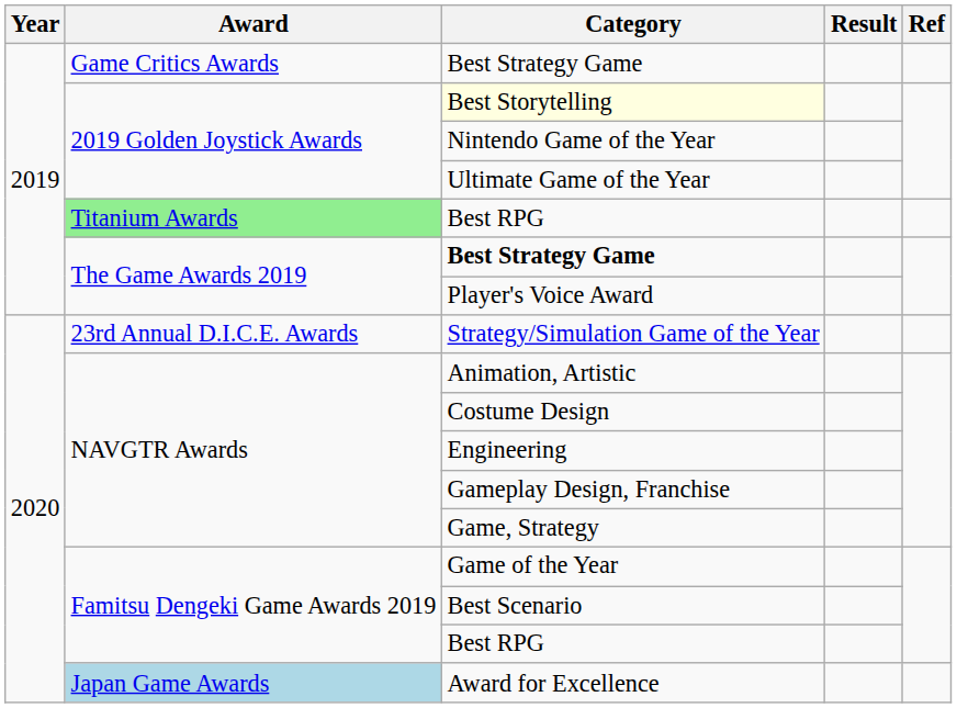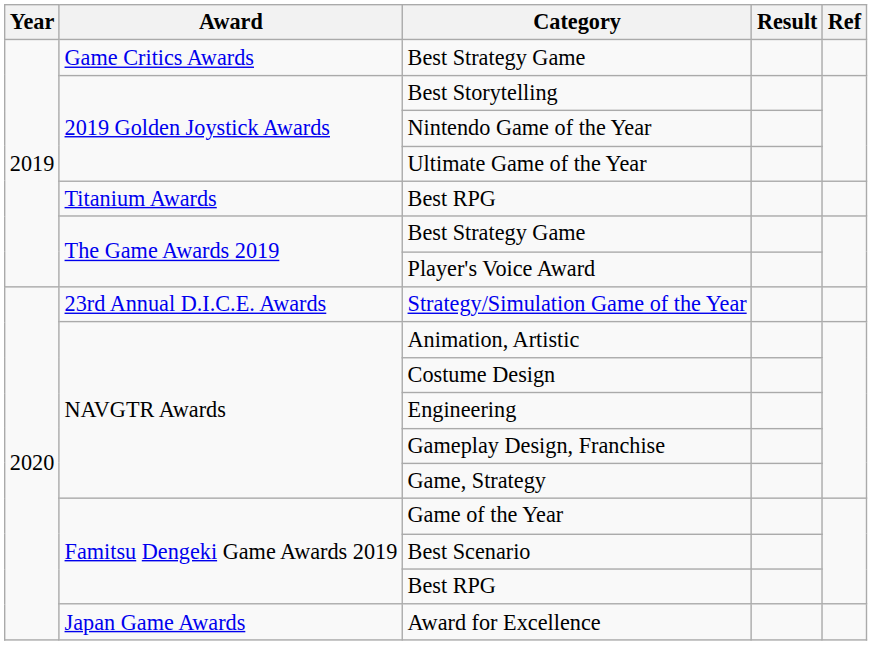 <table class="wikitable sortable">
 <tr>
 <th>Year</th>
 <th>Award</th>
 <th>Category</th>
 <th>Result</th>
 <th>Ref</th>
 </tr>
 <tr>
 <td rowspan="7" style="text-align:center;">2019</td>
 <td><a href='#'>Game Critics Awards</a></td>
 <td>Best Strategy Game</td>
 <td></td>
 <td style="text-align:center;"></td>
 </tr>
 <tr>
 <td rowspan="3"><a href='#'>2019 Golden Joystick Awards</a></td>
-<td style="background: lightyellow;">Best Storytelling</td>
+<td>Best Storytelling</td>
 <td></td>
 <td rowspan="3" style="text-align:center;"></td>
 </tr>
 <tr>
 <td>Nintendo Game of the Year</td>
 <td></td>
 </tr>
 <tr>
 <td>Ultimate Game of the Year</td>
 <td></td>
 </tr>
 <tr>
-<td style="background: lightgreen;"><a href='#'>Titanium Awards</a></td>
+<td><a href='#'>Titanium Awards</a></td>
 <td>Best RPG</td>
 <td></td>
 <td style="text-align:center;"></td>
 </tr>
 <tr>
 <td rowspan="2"><a href='#'>The Game Awards 2019</a></td>
-<td><strong>Best Strategy Game</strong></td>
+<td>Best Strategy Game</td>
 <td></td>
 <td rowspan="2" style="text-align:center;"></td>
 </tr>
 <tr>
 <td>Player's Voice Award</td>
 <td></td>
 </tr>
 <tr>
 <td rowspan="10" style="text-align:center;">2020</td>
 <td><a href='#'>23rd Annual D.I.C.E. Awards</a></td>
 <td><a href='#'>Strategy/Simulation Game of the Year</a></td>
 <td></td>
 <td style="text-align:center;"></td>
 </tr>
 <tr>
 <td rowspan="5">NAVGTR Awards</td>
 <td>Animation, Artistic</td>
 <td></td>
 <td rowspan="5" style="text-align:center;"></td>
 </tr>
 <tr>
 <td>Costume Design</td>
 <td></td>
 </tr>
 <tr>
 <td>Engineering</td>
 <td></td>
 </tr>
 <tr>
 <td>Gameplay Design, Franchise</td>
 <td></td>
 </tr>
 <tr>
 <td>Game, Strategy</td>
 <td></td>
 </tr>
 <tr>
 <td rowspan="3"><a href='#'>Famitsu</a> <a href='#'>Dengeki</a> Game Awards 2019</td>
 <td>Game of the Year</td>
 <td></td>
 <td rowspan="3" style="text-align:center;"></td>
 </tr>
 <tr>
 <td>Best Scenario</td>
 <td></td>
 </tr>
 <tr>
 <td>Best RPG</td>
 <td></td>
 </tr>
 <tr>
-<td style="background: lightblue;"><a href='#'>Japan Game Awards</a></td>
+<td><a href='#'>Japan Game Awards</a></td>
 <td>Award for Excellence</td>
 <td></td>
 <td style="text-align:center;"></td>
 </tr>
 </table>
